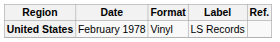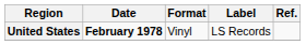 <table class="wikitable plainrowheaders">
 <tr>
 <th scope="col">Region</th>
 <th scope="col">Date</th>
 <th scope="col">Format</th>
 <th scope="col">Label</th>
 <th scope="col">Ref.</th>
 </tr>
 <tr>
 <th scope="row">United States</th>
-<td>February 1978</td>
+<td><strong>February 1978</strong></td>
 <td>Vinyl</td>
 <td>LS Records</td>
 <td></td>
 </tr>
 <tr>
 </tr>
 </table>
